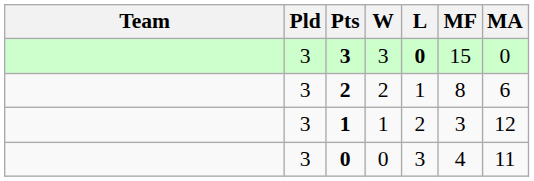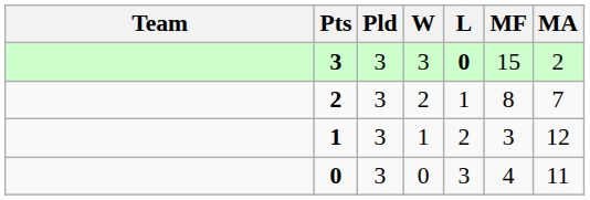 <table class=wikitable style="text-align:center">
 <tr>
 <th width=200>Team</th>
+<th width=20>Pts</th>
 <th width=20>Pld</th>
-<th width=20>Pts</th>
 <th width=20>W</th>
 <th width=20>L</th>
 <th width=20>MF</th>
 <th width=20>MA</th>
 </tr>
 <tr bgcolor=ccffcc>
 <td style="text-align:left"><strong></strong></td>
+<td><strong>3</strong></td>
 <td>3</td>
-<td><strong>3</strong></td>
 <td>3</td>
 <td><strong>0</strong></td>
 <td>15</td>
-<td>0</td>
+<td>2</td>
 </tr>
 <tr>
 <td style="text-align:left"></td>
+<td><strong>2</strong></td>
 <td>3</td>
-<td><strong>2</strong></td>
 <td>2</td>
 <td>1</td>
 <td>8</td>
-<td>6</td>
+<td>7</td>
 </tr>
 <tr>
 <td style="text-align:left"></td>
+<td><strong>1</strong></td>
 <td>3</td>
-<td><strong>1</strong></td>
 <td>1</td>
 <td>2</td>
 <td>3</td>
 <td>12</td>
 </tr>
 <tr>
 <td style="text-align:left"></td>
+<td><strong>0</strong></td>
 <td>3</td>
-<td><strong>0</strong></td>
 <td>0</td>
 <td>3</td>
 <td>4</td>
 <td>11</td>
 </tr>
 </table>
